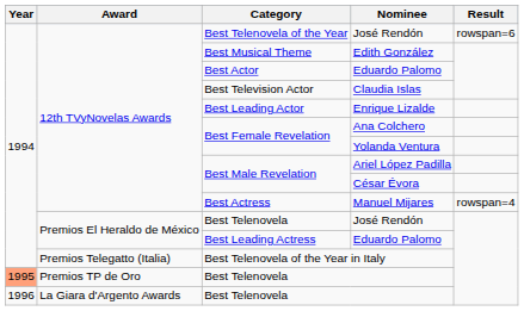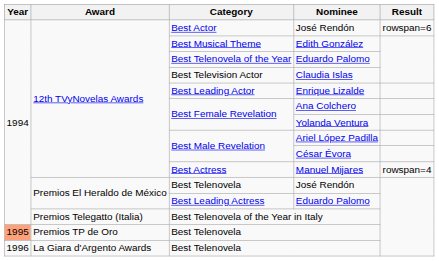 <table class="wikitable">
 <tr style="background:#b0c4de;">
 <th>Year</th>
 <th>Award</th>
 <th>Category</th>
 <th>Nominee</th>
 <th>Result</th>
 </tr>
 <tr>
 <td rowspan=13>1994</td>
 <td rowspan=10><a href='#'>12th TVyNovelas Awards</a></td>
-<td><a href='#'>Best Telenovela of the Year</a></td>
+<td><a href='#'>Best Actor</a></td>
 <td>José Rendón</td>
 <td>rowspan=6 </td>
 </tr>
 <tr>
 <td><a href='#'>Best Musical Theme</a></td>
 <td><a href='#'>Edith González</a></td>
 </tr>
 <tr>
-<td><a href='#'>Best Actor</a></td>
+<td><a href='#'>Best Telenovela of the Year</a></td>
 <td><a href='#'>Eduardo Palomo</a></td>
 </tr>
 <tr>
 <td>Best Television Actor</td>
 <td><a href='#'>Claudia Islas</a></td>
 </tr>
 <tr>
 <td><a href='#'>Best Leading Actor</a></td>
 <td><a href='#'>Enrique Lizalde</a></td>
 <td></td>
 </tr>
 <tr>
 <td rowspan=2><a href='#'>Best Female Revelation</a></td>
 <td><a href='#'>Ana Colchero</a></td>
 <td></td>
 </tr>
 <tr>
 <td><a href='#'>Yolanda Ventura</a></td>
 <td></td>
 </tr>
 <tr>
 <td rowspan=2><a href='#'>Best Male Revelation</a></td>
 <td><a href='#'>Ariel López Padilla</a></td>
 <td></td>
 </tr>
 <tr>
 <td><a href='#'>César Évora</a></td>
 <td></td>
 </tr>
 <tr>
 <td><a href='#'>Best Actress</a></td>
 <td><a href='#'>Manuel Mijares</a></td>
 <td>rowspan=4 </td>
 </tr>
 <tr>
 <td rowspan=2>Premios El Heraldo de México</td>
 <td>Best Telenovela</td>
 <td>José Rendón</td>
 </tr>
 <tr>
 <td><a href='#'>Best Leading Actress</a></td>
 <td><a href='#'>Eduardo Palomo</a></td>
 </tr>
 <tr>
 <td>Premios Telegatto (Italia)</td>
 <td colspan=2>Best Telenovela of the Year in Italy</td>
 </tr>
 <tr>
 <td style="background: lightsalmon;">1995</td>
 <td>Premios TP de Oro</td>
 <td colspan=2>Best Telenovela</td>
 </tr>
 <tr>
 <td>1996</td>
 <td>La Giara d'Argento Awards</td>
 <td colspan=2>Best Telenovela</td>
 </tr>
 </table>
